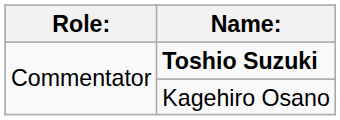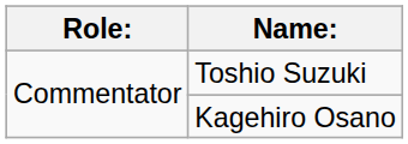 <table class=wikitable style="font-size:90%; margin: 0.5em 0 0.5em 1em; float: right; clear: right;">
 <tr>
 <th>Role:</th>
 <th>Name:</th>
 </tr>
 <tr>
 <td rowspan=2>Commentator</td>
-<td><strong>Toshio Suzuki</strong></td>
+<td>Toshio Suzuki</td>
 </tr>
 <tr>
 <td>Kagehiro Osano</td>
 </tr>
 </table>
